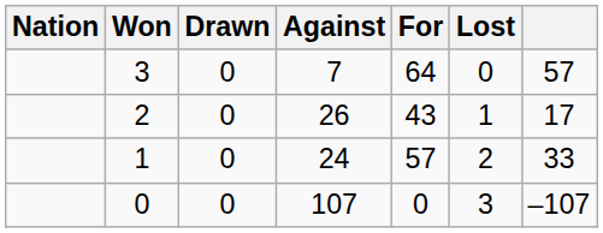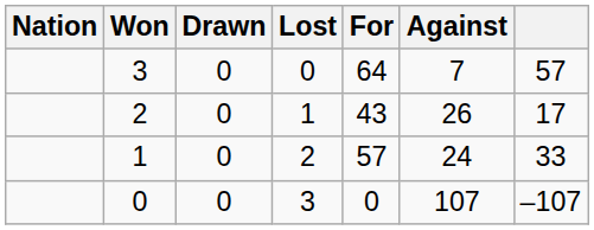 <table class="wikitable" style="text-align: center;">
 <tr>
 <th>Nation</th>
 <th>Won</th>
 <th>Drawn</th>
+<th>Lost</th>
+<th>For</th>
 <th>Against</th>
-<th>For</th>
-<th>Lost</th>
 <th></th>
 </tr>
 <tr>
 <td align=left></td>
 <td>3</td>
 <td>0</td>
+<td>0</td>
+<td>64</td>
 <td>7</td>
-<td>64</td>
-<td>0</td>
 <td>57</td>
 </tr>
 <tr>
 <td align=left></td>
 <td>2</td>
 <td>0</td>
+<td>1</td>
+<td>43</td>
 <td>26</td>
-<td>43</td>
-<td>1</td>
 <td>17</td>
 </tr>
 <tr>
 <td align=left></td>
 <td>1</td>
 <td>0</td>
+<td>2</td>
+<td>57</td>
 <td>24</td>
-<td>57</td>
-<td>2</td>
 <td>33</td>
 </tr>
 <tr>
 <td align=left></td>
 <td>0</td>
 <td>0</td>
+<td>3</td>
+<td>0</td>
 <td>107</td>
-<td>0</td>
-<td>3</td>
 <td>–107</td>
 </tr>
 </table>
